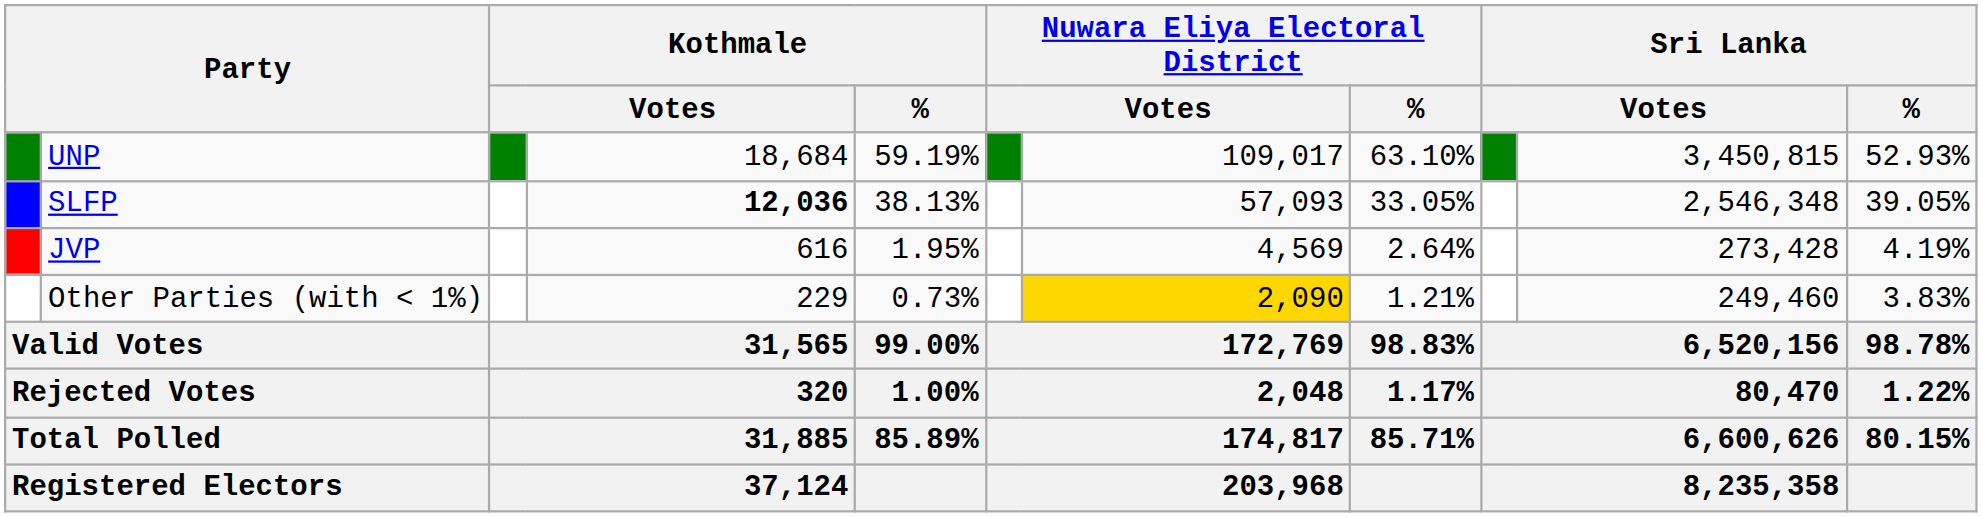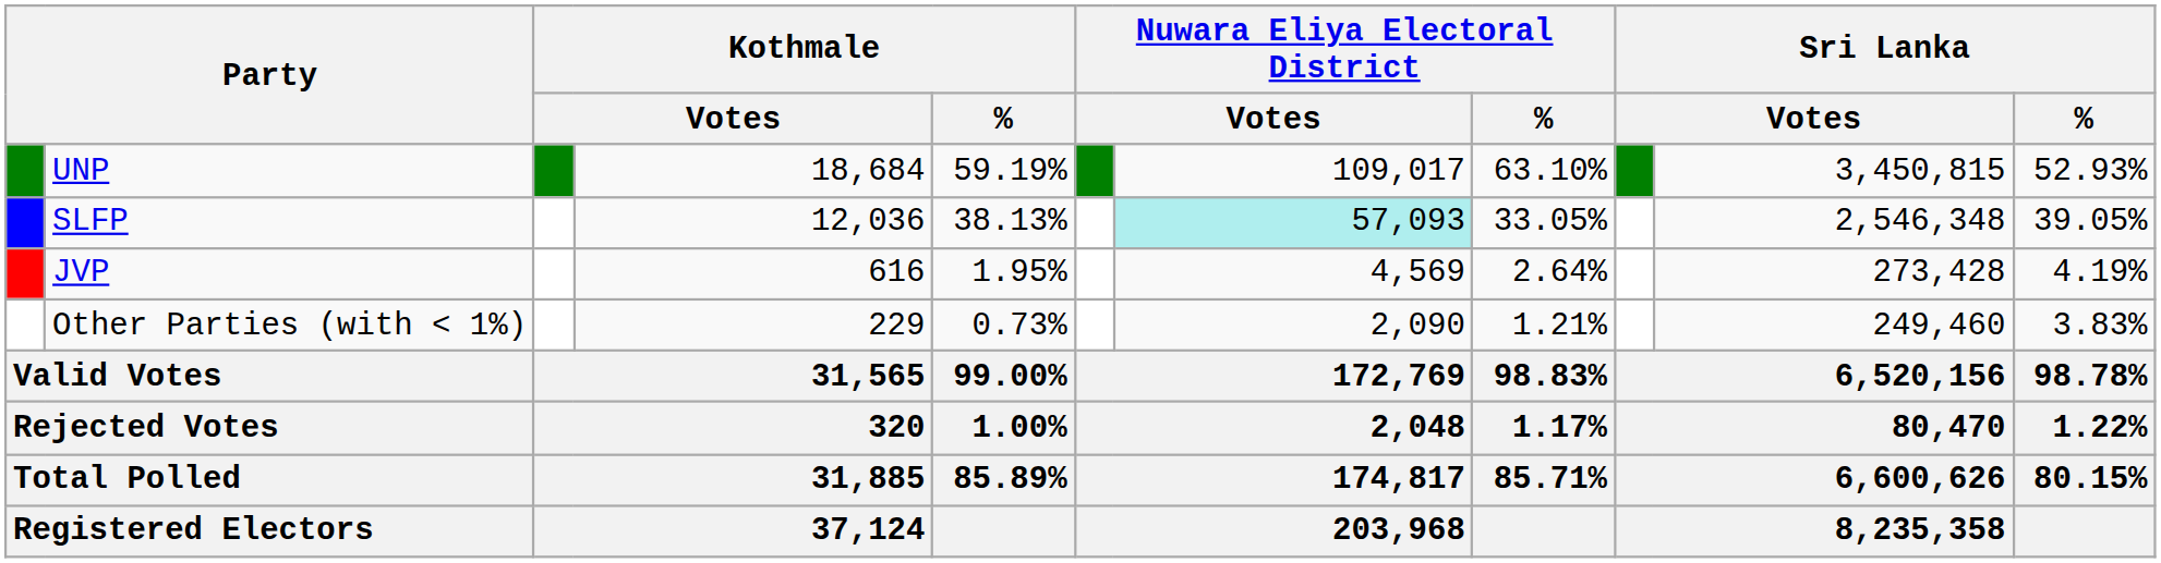 <table class="wikitable">
 <tr>
 <th colspan="2" width="144px"rowspan="2">Party</th>
 <th colspan="3" width="216px">Kothmale</th>
 <th colspan="3" width="216px"><a href='#'>Nuwara Eliya Electoral District</a></th>
 <th colspan="3" width="216px">Sri Lanka</th>
 </tr>
 <tr>
 <th colspan="2" width="144px">Votes</th>
 <th>%</th>
 <th colspan="2" width="144px">Votes</th>
 <th>%</th>
 <th colspan="2" width="144px">Votes</th>
 <th>%</th>
 </tr>
 <tr>
 <td style="background-color:green;" width="10px"></td>
 <td style="text-align:left;"><a href='#'>UNP</a></td>
 <td style="background-color:green;" width="10px"></td>
 <td style="text-align:right;">18,684</td>
 <td style="text-align:right;">59.19%</td>
 <td style="background-color:green;" width="10px"></td>
 <td style="text-align:right;">109,017</td>
 <td style="text-align:right;">63.10%</td>
 <td style="background-color:green;" width="10px"></td>
 <td style="text-align:right;">3,450,815</td>
 <td style="text-align:right;">52.93%</td>
 </tr>
 <tr>
 <td style="background-color:blue;" width="10px"></td>
 <td style="text-align:left;"><a href='#'>SLFP</a></td>
 <td style="background-color:white;" width="10px"></td>
-<td style="text-align:right;"><strong>12,036</strong></td>
+<td style="text-align:right;">12,036</td>
 <td style="text-align:right;">38.13%</td>
 <td style="background-color:white;" width="10px"></td>
-<td style="text-align:right;">57,093</td>
+<td style="background: paleturquoise; text-align:right;">57,093</td>
 <td style="text-align:right;">33.05%</td>
 <td style="background-color:white;" width="10px"></td>
 <td style="text-align:right;">2,546,348</td>
 <td style="text-align:right;">39.05%</td>
 </tr>
 <tr>
 <td style="background-color:red;" width="10px"></td>
 <td style="text-align:left;"><a href='#'>JVP</a></td>
 <td style="background-color:white;" width="10px"></td>
 <td style="text-align:right;">616</td>
 <td style="text-align:right;">1.95%</td>
 <td style="background-color:white;" width="10px"></td>
 <td style="text-align:right;">4,569</td>
 <td style="text-align:right;">2.64%</td>
 <td style="background-color:white;" width="10px"></td>
 <td style="text-align:right;">273,428</td>
 <td style="text-align:right;">4.19%</td>
 </tr>
 <tr>
 <td style="background-color:white;" width="10px"></td>
 <td style="text-align:left;">Other Parties (with < 1%)</td>
 <td style="background-color:white;" width="10px"></td>
 <td style="text-align:right;">229</td>
 <td style="text-align:right;">0.73%</td>
 <td style="background-color:white;" width="10px"></td>
-<td style="background: gold; text-align:right;">2,090</td>
+<td style="text-align:right;">2,090</td>
 <td style="text-align:right;">1.21%</td>
 <td style="background-color:white;" width="10px"></td>
 <td style="text-align:right;">249,460</td>
 <td style="text-align:right;">3.83%</td>
 </tr>
 <tr>
 <th colspan="2" width="144px"style="text-align:left;">Valid Votes</th>
 <th style="text-align:right;"colspan="2" width="144px">31,565</th>
 <th style="text-align:right;">99.00%</th>
 <th style="text-align:right;"colspan="2" width="144px">172,769</th>
 <th style="text-align:right;">98.83%</th>
 <th style="text-align:right;"colspan="2" width="144px">6,520,156</th>
 <th style="text-align:right;">98.78%</th>
 </tr>
 <tr>
 <th colspan="2" width="144px"style="text-align:left;">Rejected Votes</th>
 <th style="text-align:right;"colspan="2" width="144px">320</th>
 <th style="text-align:right;">1.00%</th>
 <th style="text-align:right;"colspan="2" width="144px">2,048</th>
 <th style="text-align:right;">1.17%</th>
 <th style="text-align:right;"colspan="2" width="144px">80,470</th>
 <th style="text-align:right;">1.22%</th>
 </tr>
 <tr>
 <th colspan="2" width="144px"style="text-align:left;">Total Polled</th>
 <th style="text-align:right;"colspan="2" width="144px">31,885</th>
 <th style="text-align:right;">85.89%</th>
 <th style="text-align:right;"colspan="2" width="144px">174,817</th>
 <th style="text-align:right;">85.71%</th>
 <th style="text-align:right;"colspan="2" width="144px">6,600,626</th>
 <th style="text-align:right;">80.15%</th>
 </tr>
 <tr>
 <th colspan="2" width="144px"style="text-align:left;">Registered Electors</th>
 <th style="text-align:right;"colspan="2" width="144px">37,124</th>
 <th></th>
 <th style="text-align:right;"colspan="2" width="144px">203,968</th>
 <th></th>
 <th style="text-align:right;"colspan="2" width="144px">8,235,358</th>
 <th></th>
 </tr>
 </table>
